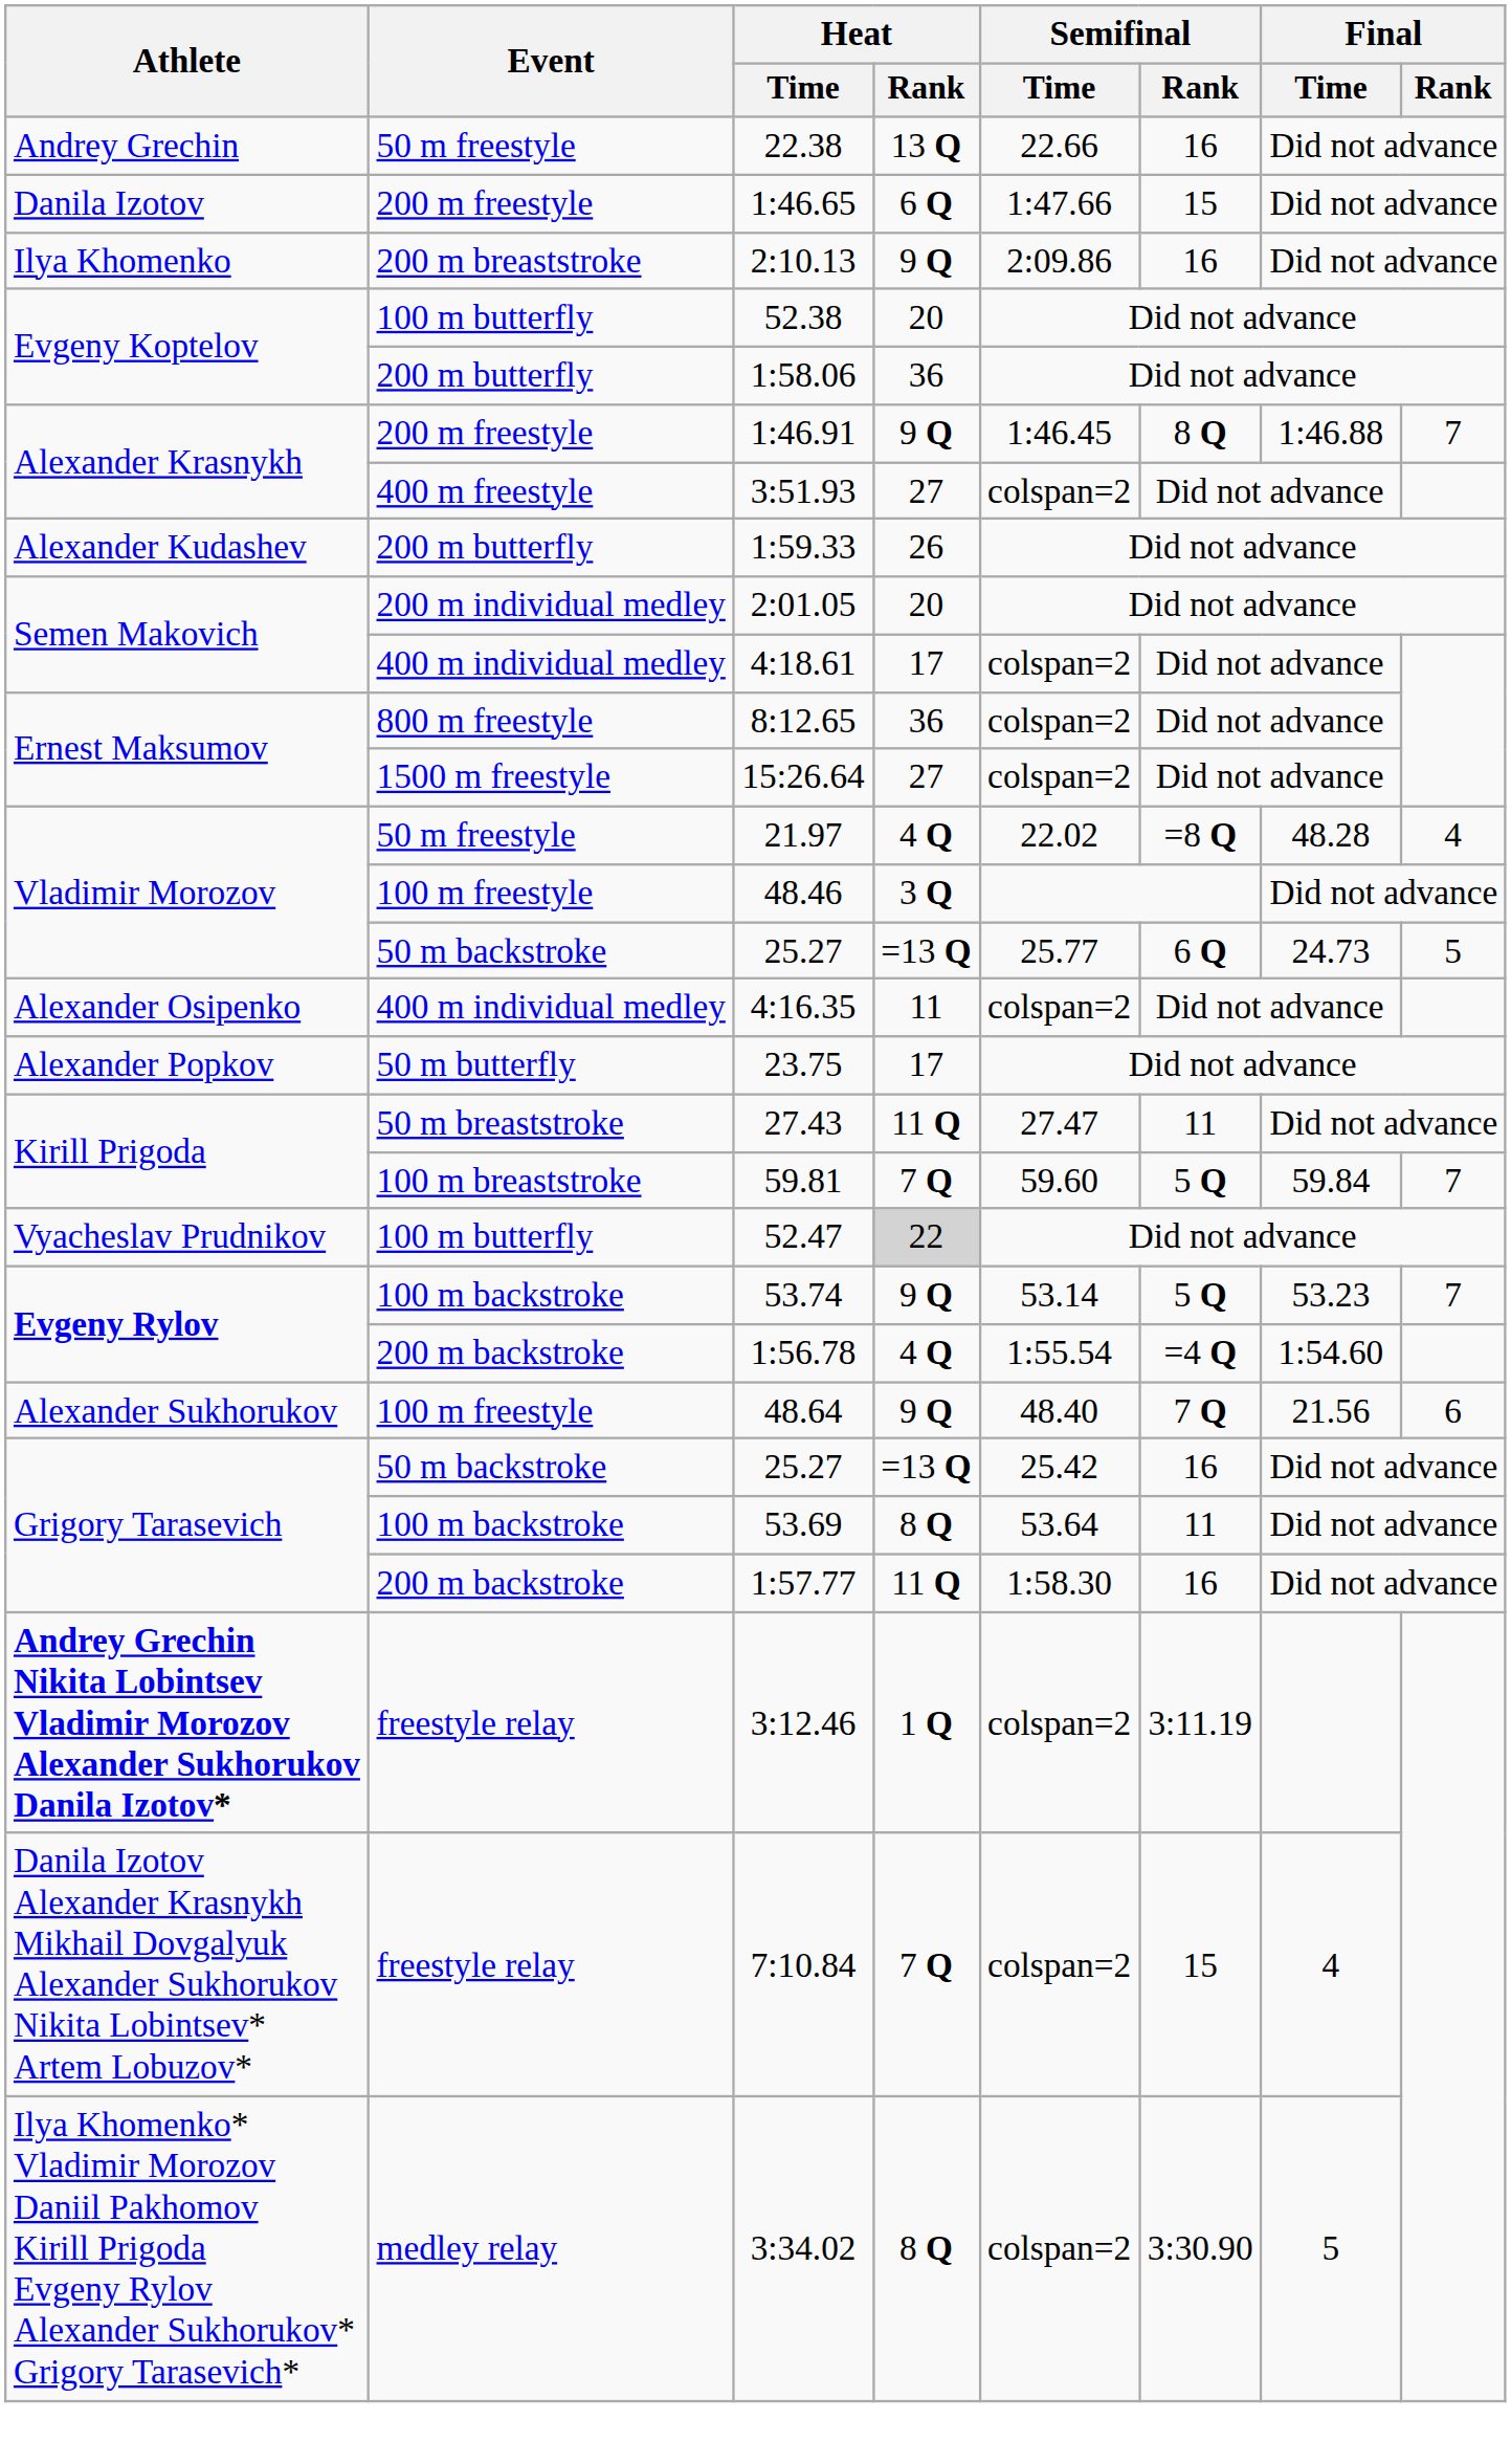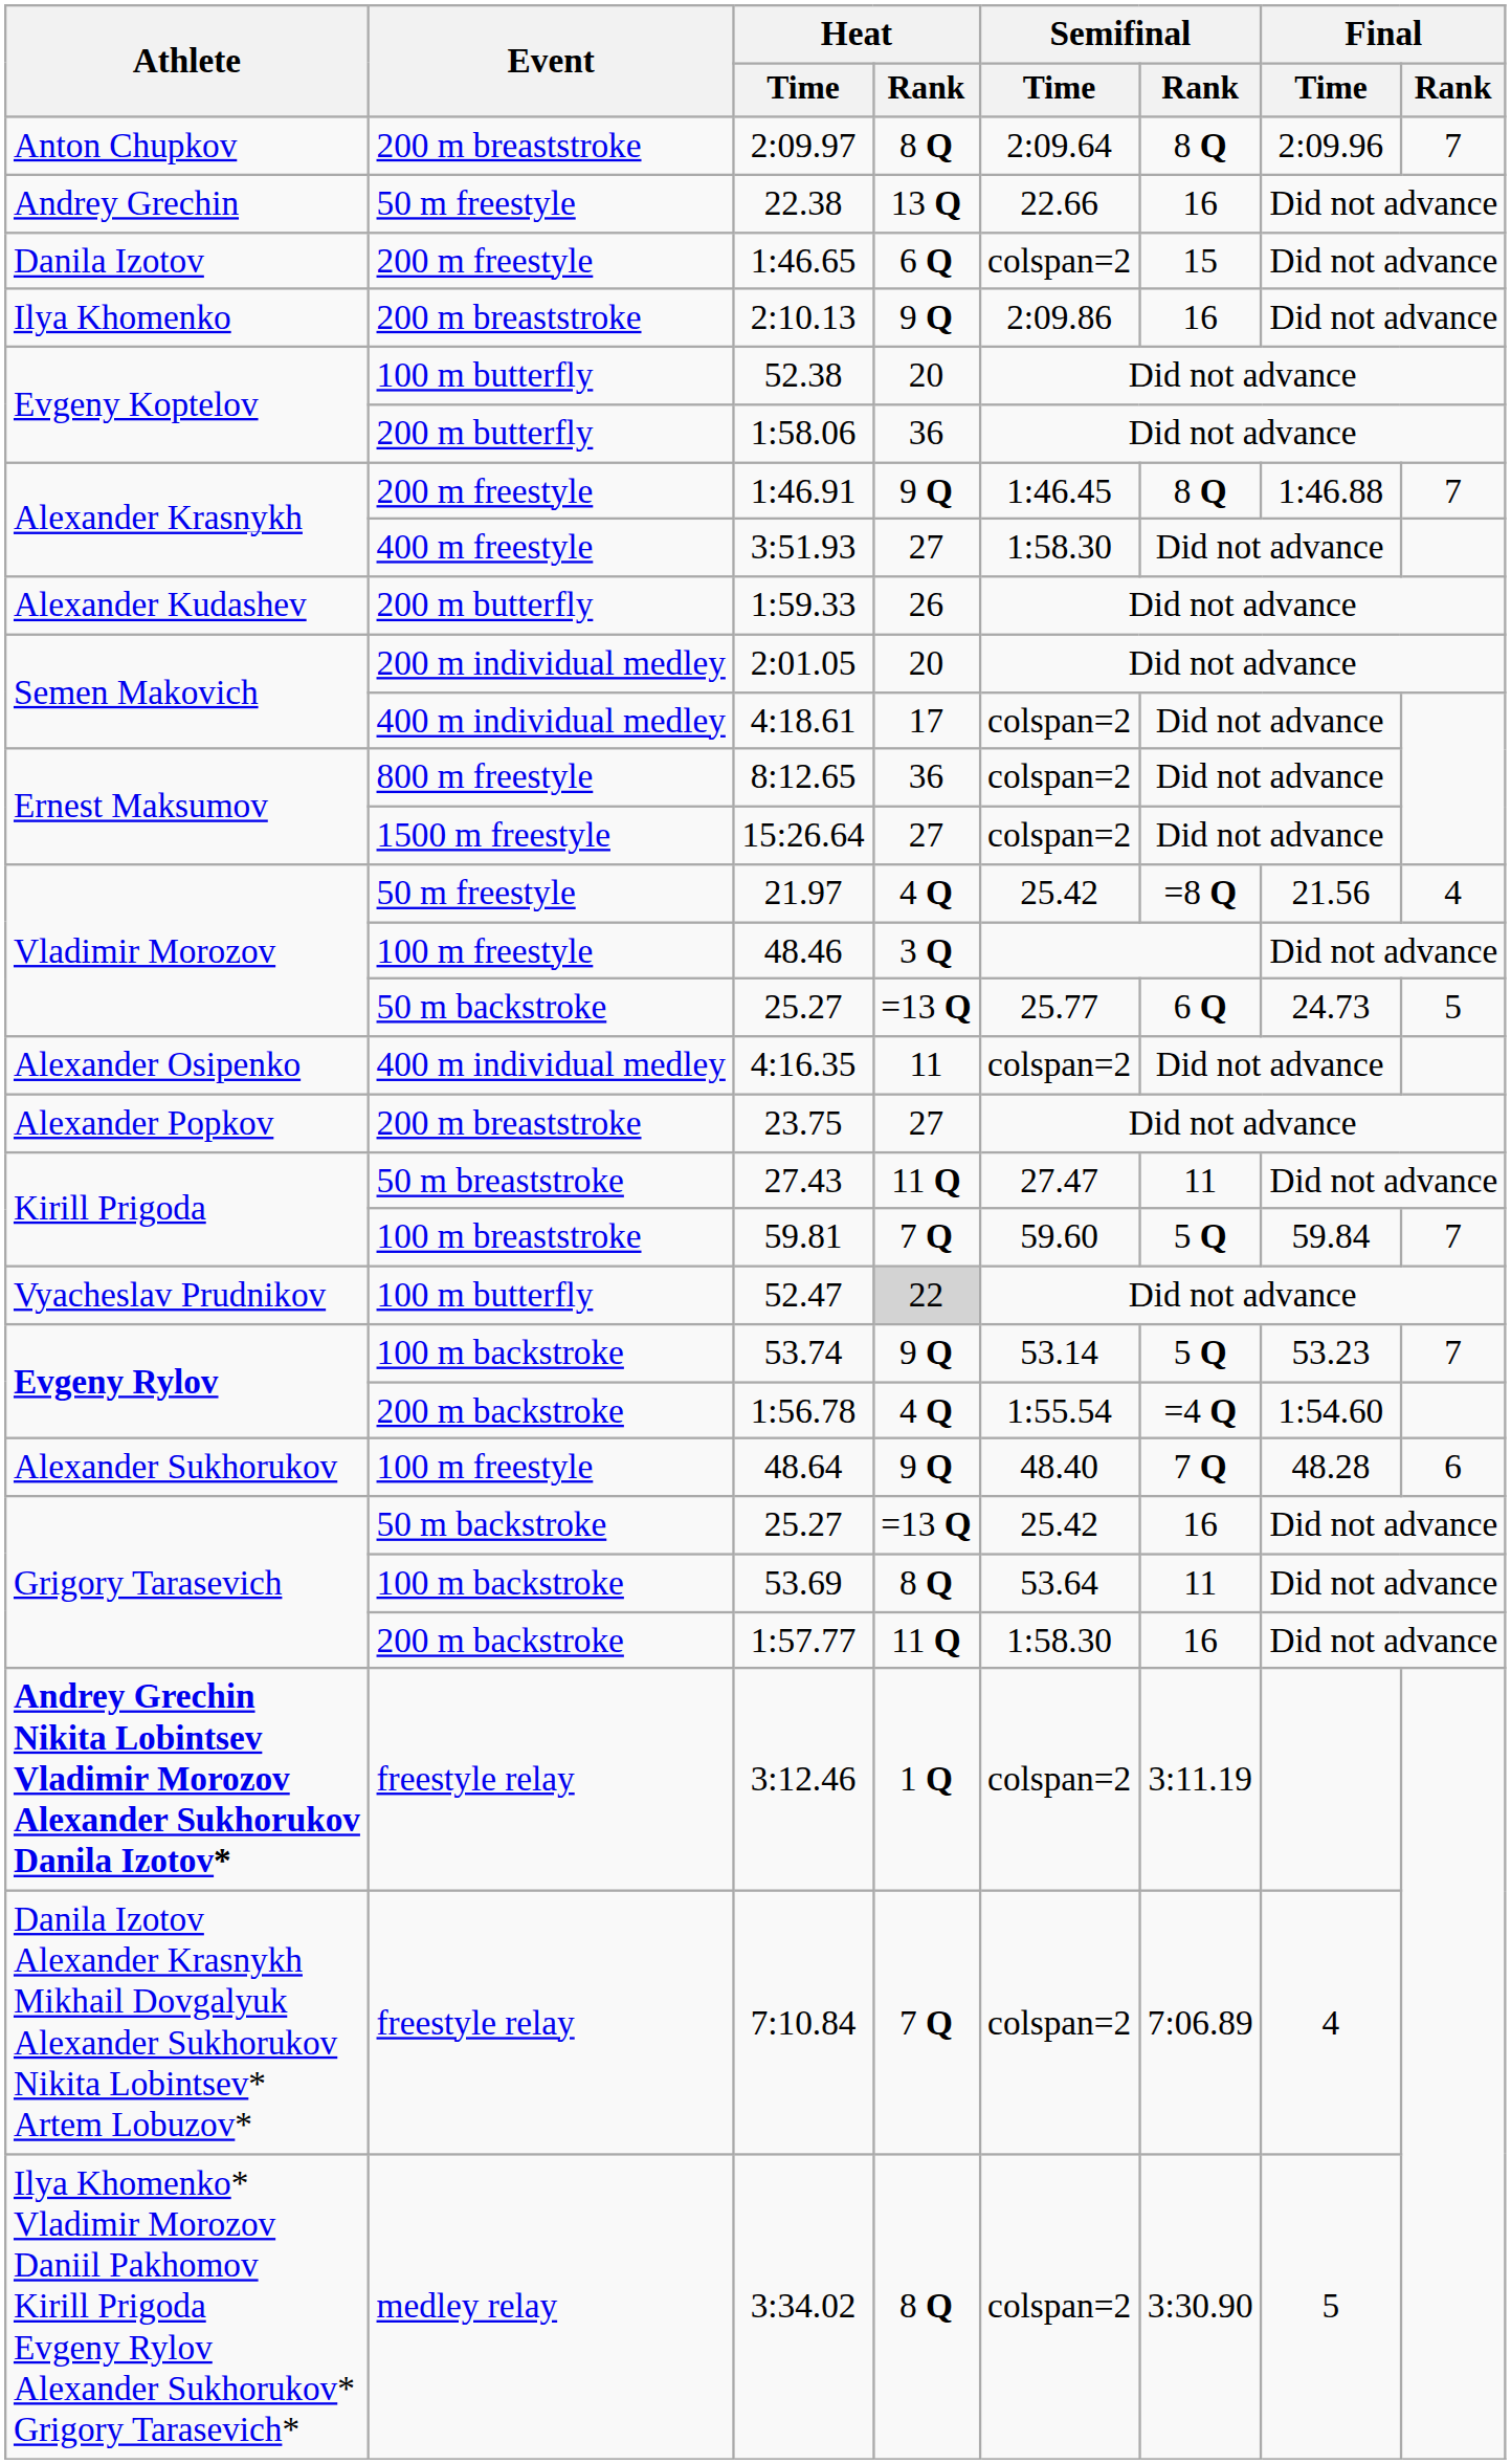 <table class=wikitable style="font-size:90%">
 <tr>
 <th rowspan="2">Athlete</th>
 <th rowspan="2">Event</th>
 <th colspan="2">Heat</th>
 <th colspan="2">Semifinal</th>
 <th colspan="2">Final</th>
 </tr>
 <tr style="font-size:95%">
 <th>Time</th>
 <th>Rank</th>
 <th>Time</th>
 <th>Rank</th>
 <th>Time</th>
 <th>Rank</th>
 </tr>
 <tr align=center>
+<td align=left><a href='#'>Anton Chupkov</a></td>
+<td align=left><a href='#'>200 m breaststroke</a></td>
+<td>2:09.97</td>
+<td>8 <strong>Q</strong></td>
+<td>2:09.64</td>
+<td>8 <strong>Q</strong></td>
+<td>2:09.96</td>
+<td>7</td>
+</tr>
+<tr align=center>
 <td align=left><a href='#'>Andrey Grechin</a></td>
 <td align=left><a href='#'>50 m freestyle</a></td>
 <td>22.38</td>
 <td>13 <strong>Q</strong></td>
 <td>22.66</td>
 <td>16</td>
 <td colspan=2>Did not advance</td>
 </tr>
 <tr align=center>
 <td align=left><a href='#'>Danila Izotov</a></td>
 <td align=left><a href='#'>200 m freestyle</a></td>
 <td>1:46.65</td>
 <td>6 <strong>Q</strong></td>
-<td>1:47.66</td>
+<td>colspan=2 </td>
 <td>15</td>
 <td colspan=2>Did not advance</td>
 </tr>
 <tr align=center>
 <td align=left><a href='#'>Ilya Khomenko</a></td>
 <td align=left><a href='#'>200 m breaststroke</a></td>
 <td>2:10.13</td>
 <td>9 <strong>Q</strong></td>
 <td>2:09.86</td>
 <td>16</td>
 <td colspan=2>Did not advance</td>
 </tr>
 <tr align=center>
 <td align=left rowspan=2><a href='#'>Evgeny Koptelov</a></td>
 <td align=left><a href='#'>100 m butterfly</a></td>
 <td>52.38</td>
 <td>20</td>
 <td colspan=4>Did not advance</td>
 </tr>
 <tr align=center>
 <td align=left><a href='#'>200 m butterfly</a></td>
 <td>1:58.06</td>
 <td>36</td>
 <td colspan=4>Did not advance</td>
 </tr>
 <tr align=center>
 <td align=left rowspan=2><a href='#'>Alexander Krasnykh</a></td>
 <td align=left><a href='#'>200 m freestyle</a></td>
 <td>1:46.91</td>
 <td>9 <strong>Q</strong></td>
 <td>1:46.45</td>
 <td>8 <strong>Q</strong></td>
 <td>1:46.88</td>
 <td>7</td>
 </tr>
 <tr align=center>
 <td align=left><a href='#'>400 m freestyle</a></td>
 <td>3:51.93</td>
 <td>27</td>
-<td>colspan=2 </td>
+<td>1:58.30</td>
 <td colspan=2>Did not advance</td>
 </tr>
 <tr align=center>
 <td align=left><a href='#'>Alexander Kudashev</a></td>
 <td align=left><a href='#'>200 m butterfly</a></td>
 <td>1:59.33</td>
 <td>26</td>
 <td colspan=4>Did not advance</td>
 </tr>
 <tr align=center>
 <td align=left rowspan=2><a href='#'>Semen Makovich</a></td>
 <td align=left><a href='#'>200 m individual medley</a></td>
 <td>2:01.05</td>
 <td>20</td>
 <td colspan=4>Did not advance</td>
 </tr>
 <tr align=center>
 <td align=left><a href='#'>400 m individual medley</a></td>
 <td>4:18.61</td>
 <td>17</td>
 <td>colspan=2 </td>
 <td colspan=2>Did not advance</td>
 </tr>
 <tr align=center>
 <td align=left rowspan=2><a href='#'>Ernest Maksumov</a></td>
 <td align=left><a href='#'>800 m freestyle</a></td>
 <td>8:12.65</td>
 <td>36</td>
 <td>colspan=2 </td>
 <td colspan=2>Did not advance</td>
 </tr>
 <tr align=center>
 <td align=left><a href='#'>1500 m freestyle</a></td>
 <td>15:26.64</td>
 <td>27</td>
 <td>colspan=2 </td>
 <td colspan=2>Did not advance</td>
 </tr>
 <tr align=center>
 <td align=left rowspan=3><a href='#'>Vladimir Morozov</a></td>
 <td align=left><a href='#'>50 m freestyle</a></td>
 <td>21.97</td>
 <td>4 <strong>Q</strong></td>
-<td>22.02</td>
+<td>25.42</td>
 <td>=8 <strong>Q</strong></td>
-<td>48.28</td>
+<td>21.56</td>
 <td>4</td>
 </tr>
 <tr align=center>
 <td align=left><a href='#'>100 m freestyle</a></td>
 <td>48.46</td>
 <td>3 <strong>Q</strong></td>
 <td colspan=2></td>
 <td colspan=2>Did not advance</td>
 </tr>
 <tr align=center>
 <td align=left><a href='#'>50 m backstroke</a></td>
 <td>25.27</td>
 <td>=13 <strong>Q</strong></td>
 <td>25.77</td>
 <td>6 <strong>Q</strong></td>
 <td>24.73</td>
 <td>5</td>
 </tr>
 <tr align=center>
 <td align=left><a href='#'>Alexander Osipenko</a></td>
 <td align=left><a href='#'>400 m individual medley</a></td>
 <td>4:16.35</td>
 <td>11</td>
 <td>colspan=2 </td>
 <td colspan=2>Did not advance</td>
 </tr>
 <tr align=center>
 <td align=left><a href='#'>Alexander Popkov</a></td>
-<td align=left><a href='#'>50 m butterfly</a></td>
+<td align=left><a href='#'>200 m breaststroke</a></td>
 <td>23.75</td>
-<td>17</td>
+<td>27</td>
 <td colspan=4>Did not advance</td>
 </tr>
 <tr align=center>
 <td align=left rowspan=2><a href='#'>Kirill Prigoda</a></td>
 <td align=left><a href='#'>50 m breaststroke</a></td>
 <td>27.43</td>
 <td>11 <strong>Q</strong></td>
 <td>27.47</td>
 <td>11</td>
 <td colspan=2>Did not advance</td>
 </tr>
 <tr align=center>
 <td align=left><a href='#'>100 m breaststroke</a></td>
 <td>59.81</td>
 <td>7 <strong>Q</strong></td>
 <td>59.60</td>
 <td>5 <strong>Q</strong></td>
 <td>59.84</td>
 <td>7</td>
 </tr>
 <tr align=center>
 <td align=left><a href='#'>Vyacheslav Prudnikov</a></td>
 <td align=left><a href='#'>100 m butterfly</a></td>
 <td>52.47</td>
 <td style="background: lightgrey;">22</td>
 <td colspan=4>Did not advance</td>
 </tr>
 <tr align=center>
 <td align=left rowspan=2><strong><a href='#'>Evgeny Rylov</a></strong></td>
 <td align=left><a href='#'>100 m backstroke</a></td>
 <td>53.74</td>
 <td>9 <strong>Q</strong></td>
 <td>53.14</td>
 <td>5 <strong>Q</strong></td>
 <td>53.23</td>
 <td>7</td>
 </tr>
 <tr align=center>
 <td align=left><a href='#'>200 m backstroke</a></td>
 <td>1:56.78</td>
 <td>4 <strong>Q</strong></td>
 <td>1:55.54</td>
 <td>=4 <strong>Q</strong></td>
 <td>1:54.60</td>
 <td></td>
 </tr>
 <tr align=center>
 <td align=left><a href='#'>Alexander Sukhorukov</a></td>
 <td align=left><a href='#'>100 m freestyle</a></td>
 <td>48.64</td>
 <td>9 <strong>Q</strong></td>
 <td>48.40</td>
 <td>7 <strong>Q</strong></td>
-<td>21.56</td>
+<td>48.28</td>
 <td>6</td>
 </tr>
 <tr align=center>
 <td align=left rowspan=3><a href='#'>Grigory Tarasevich</a></td>
 <td align=left><a href='#'>50 m backstroke</a></td>
 <td>25.27</td>
 <td>=13 <strong>Q</strong></td>
 <td>25.42</td>
 <td>16</td>
 <td colspan=2>Did not advance</td>
 </tr>
 <tr align=center>
 <td align=left><a href='#'>100 m backstroke</a></td>
 <td>53.69</td>
 <td>8 <strong>Q</strong></td>
 <td>53.64</td>
 <td>11</td>
 <td colspan=2>Did not advance</td>
 </tr>
 <tr align=center>
 <td align=left><a href='#'>200 m backstroke</a></td>
 <td>1:57.77</td>
 <td>11 <strong>Q</strong></td>
 <td>1:58.30</td>
 <td>16</td>
 <td colspan=2>Did not advance</td>
 </tr>
 <tr align=center>
 <td align=left><strong><a href='#'>Andrey Grechin</a><br><a href='#'>Nikita Lobintsev</a><br><a href='#'>Vladimir Morozov</a><br><a href='#'>Alexander Sukhorukov</a><br><a href='#'>Danila Izotov</a>*</strong></td>
 <td align=left><a href='#'> freestyle relay</a></td>
 <td>3:12.46</td>
 <td>1 <strong>Q</strong></td>
 <td>colspan=2 </td>
 <td>3:11.19</td>
 <td></td>
 </tr>
 <tr align=center>
 <td align=left><a href='#'>Danila Izotov</a><br><a href='#'>Alexander Krasnykh</a><br><a href='#'>Mikhail Dovgalyuk</a><br><a href='#'>Alexander Sukhorukov</a><br><a href='#'>Nikita Lobintsev</a>*<br><a href='#'>Artem Lobuzov</a>*</td>
 <td align=left><a href='#'> freestyle relay</a></td>
 <td>7:10.84</td>
 <td>7 <strong>Q</strong></td>
 <td>colspan=2 </td>
-<td>15</td>
+<td>7:06.89</td>
 <td>4</td>
 </tr>
 <tr align=center>
 <td align=left><a href='#'>Ilya Khomenko</a>*<br><a href='#'>Vladimir Morozov</a><br><a href='#'>Daniil Pakhomov</a><br><a href='#'>Kirill Prigoda</a><br><a href='#'>Evgeny Rylov</a><br><a href='#'>Alexander Sukhorukov</a>*<br><a href='#'>Grigory Tarasevich</a>*</td>
 <td align=left><a href='#'> medley relay</a></td>
 <td>3:34.02</td>
 <td>8 <strong>Q</strong></td>
 <td>colspan=2 </td>
 <td>3:30.90</td>
 <td>5</td>
 </tr>
 </table>
